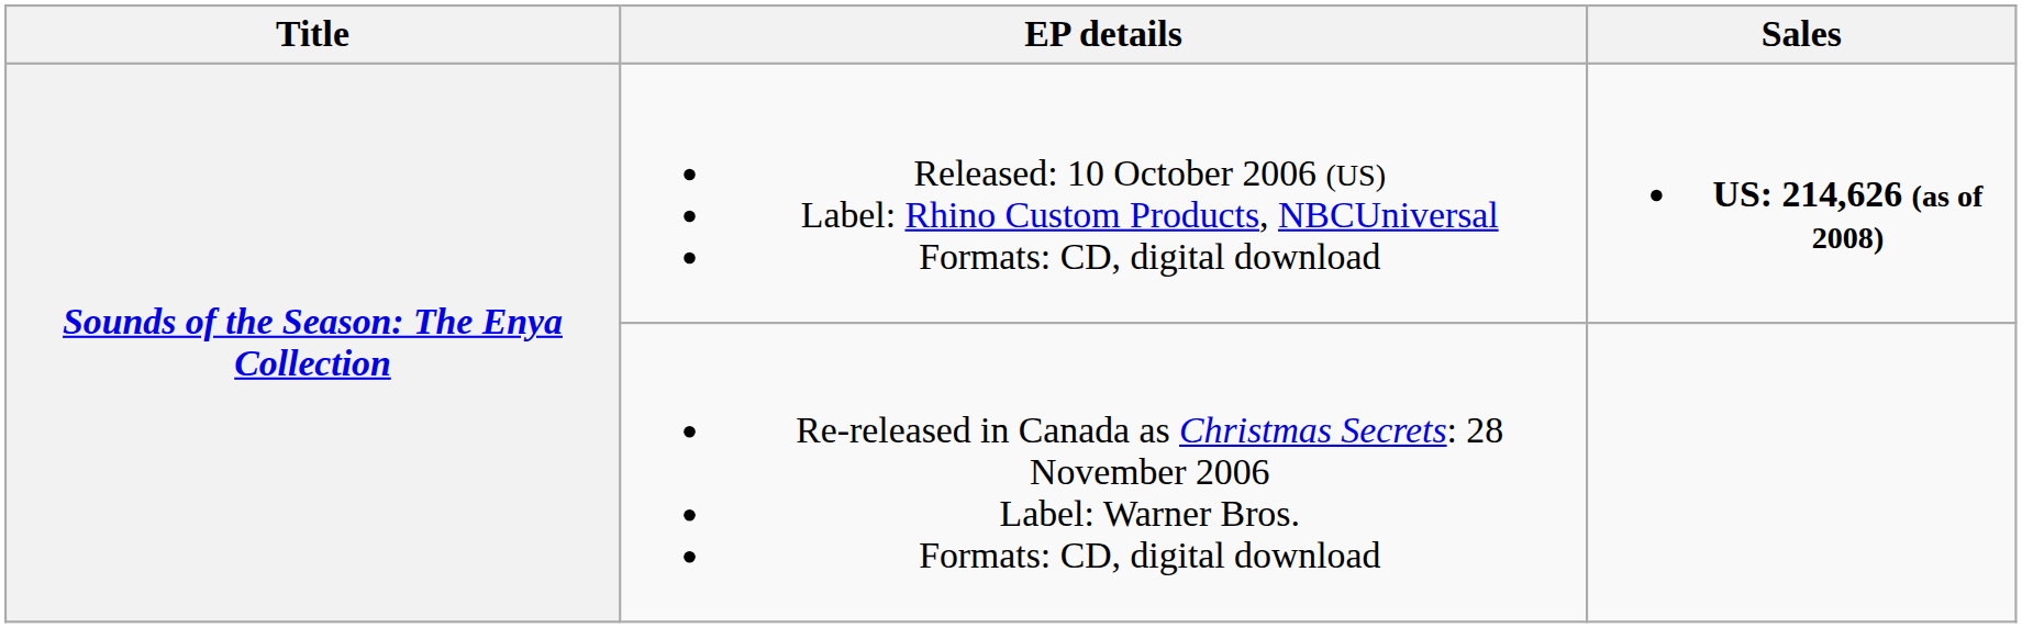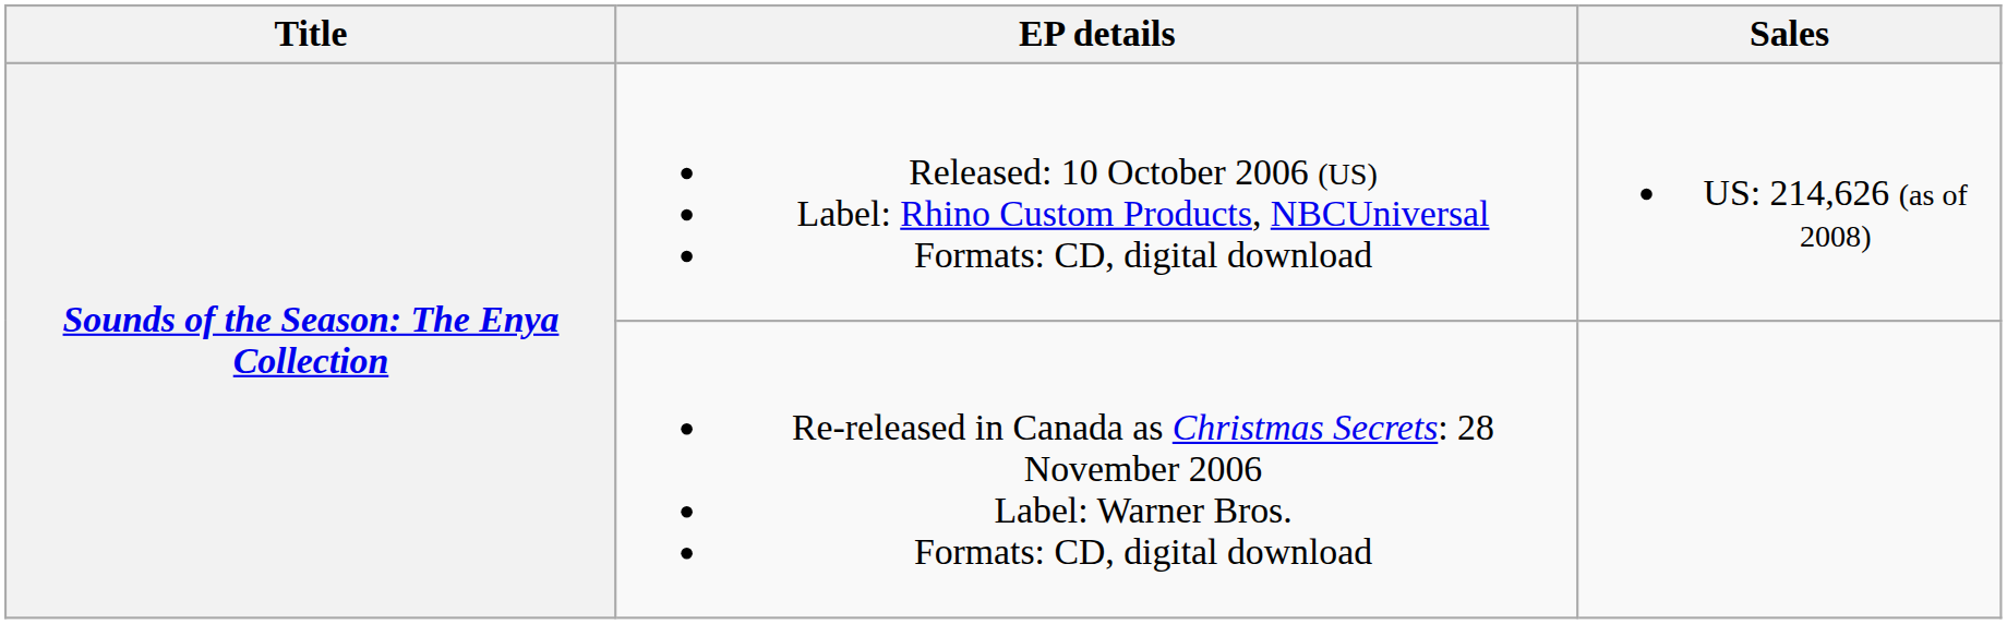 <table class="wikitable plainrowheaders" style="text-align:center;">
 <tr>
 <th>Title</th>
 <th>EP details</th>
 <th>Sales</th>
 </tr>
 <tr>
 <th rowspan="2" scope="row"><em><a href='#'>Sounds of the Season: The Enya Collection</a></em></th>
 <td><br><ul><li>Released: 10 October 2006 <small>(US)</small></li><li>Label: <a href='#'>Rhino Custom Products</a>, <a href='#'>NBCUniversal</a></li><li>Formats: CD, digital download</li></ul></td>
-<td><strong><br><ul><li>US: 214,626 <small>(as of 2008)</small></li></ul></strong></td>
+<td><br><ul><li>US: 214,626 <small>(as of 2008)</small></li></ul></td>
 </tr>
 <tr>
 <td><br><ul><li>Re-released in Canada as <em><a href='#'>Christmas Secrets</a></em>: 28 November 2006</li><li>Label: Warner Bros.</li><li>Formats: CD, digital download</li></ul></td>
 <td></td>
 </tr>
 </table>
